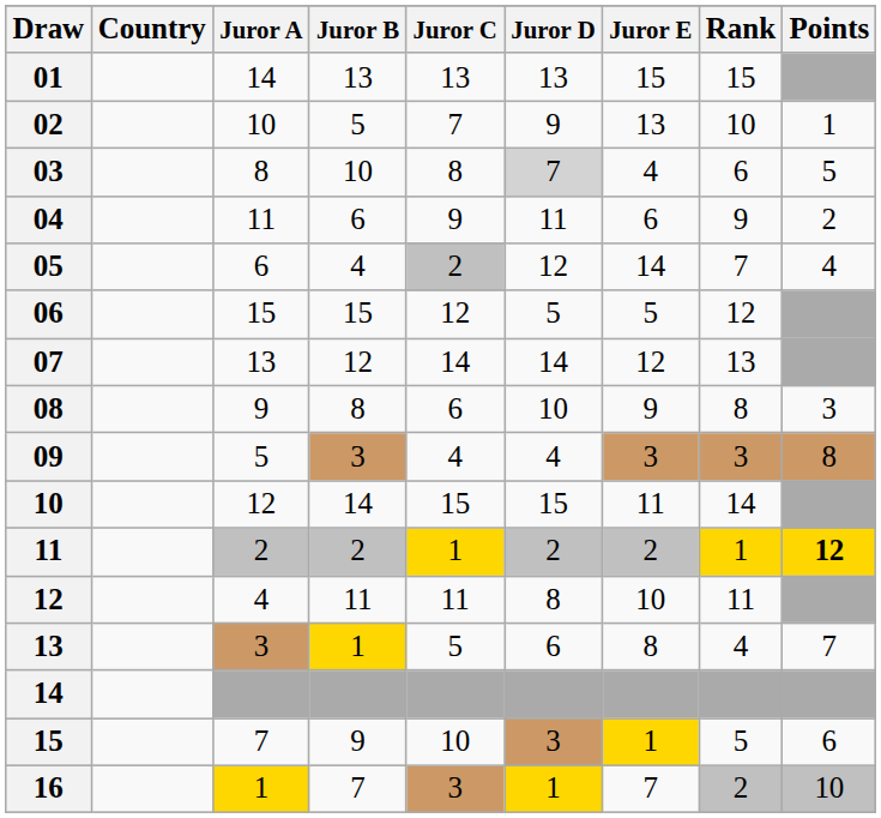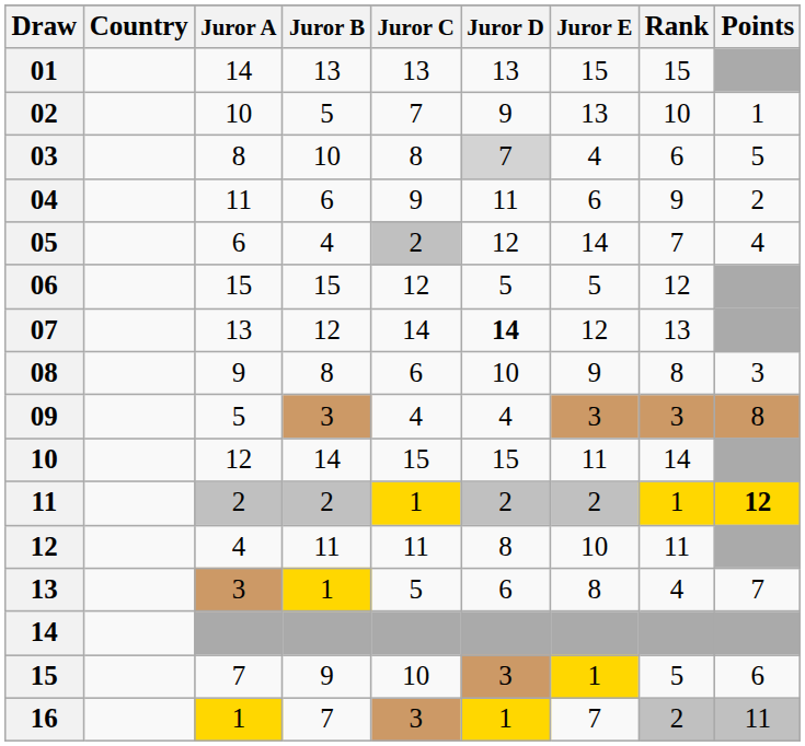 <table class="sortable wikitable collapsible plainrowheaders" style="text-align:center;">
 <tr>
 </tr>
 <tr>
 <th scope="col">Draw</th>
 <th scope="col">Country</th>
 <th scope="col"><small>Juror A</small></th>
 <th scope="col"><small>Juror B</small></th>
 <th scope="col"><small>Juror C</small></th>
 <th scope="col"><small>Juror D</small></th>
 <th scope="col"><small>Juror E</small></th>
 <th scope="col">Rank</th>
 <th scope="col">Points</th>
 </tr>
 <tr>
 <th scope="row" style="text-align:center;">01</th>
 <td style="text-align:left;"></td>
 <td>14</td>
 <td>13</td>
 <td>13</td>
 <td>13</td>
 <td>15</td>
 <td>15</td>
 <td style="background:#AAAAAA;"></td>
 </tr>
 <tr>
 <th scope="row" style="text-align:center;">02</th>
 <td style="text-align:left;"></td>
 <td>10</td>
 <td>5</td>
 <td>7</td>
 <td>9</td>
 <td>13</td>
 <td>10</td>
 <td>1</td>
 </tr>
 <tr>
 <th scope="row" style="text-align:center;">03</th>
 <td style="text-align:left;"></td>
 <td>8</td>
 <td>10</td>
 <td>8</td>
 <td style="background: lightgrey;">7</td>
 <td>4</td>
 <td>6</td>
 <td>5</td>
 </tr>
 <tr>
 <th scope="row" style="text-align:center;">04</th>
 <td style="text-align:left;"></td>
 <td>11</td>
 <td>6</td>
 <td>9</td>
 <td>11</td>
 <td>6</td>
 <td>9</td>
 <td>2</td>
 </tr>
 <tr>
 <th scope="row" style="text-align:center;">05</th>
 <td style="text-align:left;"></td>
 <td>6</td>
 <td>4</td>
 <td style="background:silver;">2</td>
 <td>12</td>
 <td>14</td>
 <td>7</td>
 <td>4</td>
 </tr>
 <tr>
 <th scope="row" style="text-align:center;">06</th>
 <td style="text-align:left;"></td>
 <td>15</td>
 <td>15</td>
 <td>12</td>
 <td>5</td>
 <td>5</td>
 <td>12</td>
 <td style="background:#AAAAAA;"></td>
 </tr>
 <tr>
 <th scope="row" style="text-align:center;">07</th>
 <td style="text-align:left;"></td>
 <td>13</td>
 <td>12</td>
 <td>14</td>
-<td>14</td>
+<td><strong>14</strong></td>
 <td>12</td>
 <td>13</td>
 <td style="background:#AAAAAA;"></td>
 </tr>
 <tr>
 <th scope="row" style="text-align:center;">08</th>
 <td style="text-align:left;"></td>
 <td>9</td>
 <td>8</td>
 <td>6</td>
 <td>10</td>
 <td>9</td>
 <td>8</td>
 <td>3</td>
 </tr>
 <tr>
 <th scope="row" style="text-align:center;">09</th>
 <td style="text-align:left;"></td>
 <td>5</td>
 <td style="background:#CC9966;">3</td>
 <td>4</td>
 <td>4</td>
 <td style="background:#CC9966;">3</td>
 <td style="background:#CC9966;">3</td>
 <td style="background:#CC9966;">8</td>
 </tr>
 <tr>
 <th scope="row" style="text-align:center;">10</th>
 <td style="text-align:left;"></td>
 <td>12</td>
 <td>14</td>
 <td>15</td>
 <td>15</td>
 <td>11</td>
 <td>14</td>
 <td style="background:#AAAAAA;"></td>
 </tr>
 <tr>
 <th scope="row" style="text-align:center;">11</th>
 <td style="text-align:left;"></td>
 <td style="background:silver;">2</td>
 <td style="background:silver;">2</td>
 <td style="background:gold;">1</td>
 <td style="background:silver;">2</td>
 <td style="background:silver;">2</td>
 <td style="background:gold;">1</td>
 <td style="background:gold;"><strong>12</strong></td>
 </tr>
 <tr>
 <th scope="row" style="text-align:center;">12</th>
 <td style="text-align:left;"></td>
 <td>4</td>
 <td>11</td>
 <td>11</td>
 <td>8</td>
 <td>10</td>
 <td>11</td>
 <td style="background:#AAAAAA;"></td>
 </tr>
 <tr>
 <th scope="row" style="text-align:center;">13</th>
 <td style="text-align:left;"></td>
 <td style="background:#CC9966;">3</td>
 <td style="background:gold;">1</td>
 <td>5</td>
 <td>6</td>
 <td>8</td>
 <td>4</td>
 <td>7</td>
 </tr>
 <tr class="sortbottom">
 <th scope="row" style="text-align:center;">14</th>
 <td style="text-align:left;"></td>
 <td style="background:#AAAAAA;"></td>
 <td style="background:#AAAAAA;"></td>
 <td style="background:#AAAAAA;"></td>
 <td style="background:#AAAAAA;"></td>
 <td style="background:#AAAAAA;"></td>
 <td style="background:#AAAAAA;"></td>
 <td style="background:#AAAAAA;"></td>
 </tr>
 <tr>
 <th scope="row" style="text-align:center;">15</th>
 <td style="text-align:left;"></td>
 <td>7</td>
 <td>9</td>
 <td>10</td>
 <td style="background:#CC9966;">3</td>
 <td style="background:gold;">1</td>
 <td>5</td>
 <td>6</td>
 </tr>
 <tr>
 <th scope="row" style="text-align:center;">16</th>
 <td style="text-align:left;"></td>
 <td style="background:gold;">1</td>
 <td>7</td>
 <td style="background:#CC9966;">3</td>
 <td style="background:gold;">1</td>
 <td>7</td>
 <td style="background:silver;">2</td>
-<td style="background:silver;">10</td>
+<td style="background:silver;">11</td>
 </tr>
 </table>
